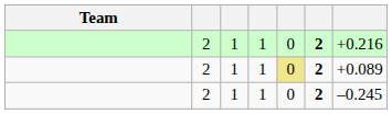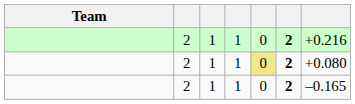 <table class="wikitable" style="text-align:center;">
 <tr>
 <th width=175>Team</th>
 <th style="width:20px;"></th>
 <th style="width:20px;"></th>
 <th style="width:20px;"></th>
 <th style="width:20px;"></th>
 <th style="width:20px;"></th>
 <th style="width:20px;"></th>
 </tr>
 <tr style="background:#cfc">
 <td align=left></td>
 <td>2</td>
 <td>1</td>
 <td>1</td>
 <td>0</td>
 <td><strong>2</strong></td>
 <td>+0.216</td>
 </tr>
 <tr>
 <td align=left></td>
 <td>2</td>
 <td>1</td>
 <td>1</td>
 <td style="background: khaki;">0</td>
 <td><strong>2</strong></td>
-<td>+0.089</td>
+<td>+0.080</td>
 </tr>
 <tr>
 <td align=left></td>
 <td>2</td>
 <td>1</td>
 <td>1</td>
 <td>0</td>
 <td><strong>2</strong></td>
-<td>–0.245</td>
+<td>–0.165</td>
 </tr>
 </table>
